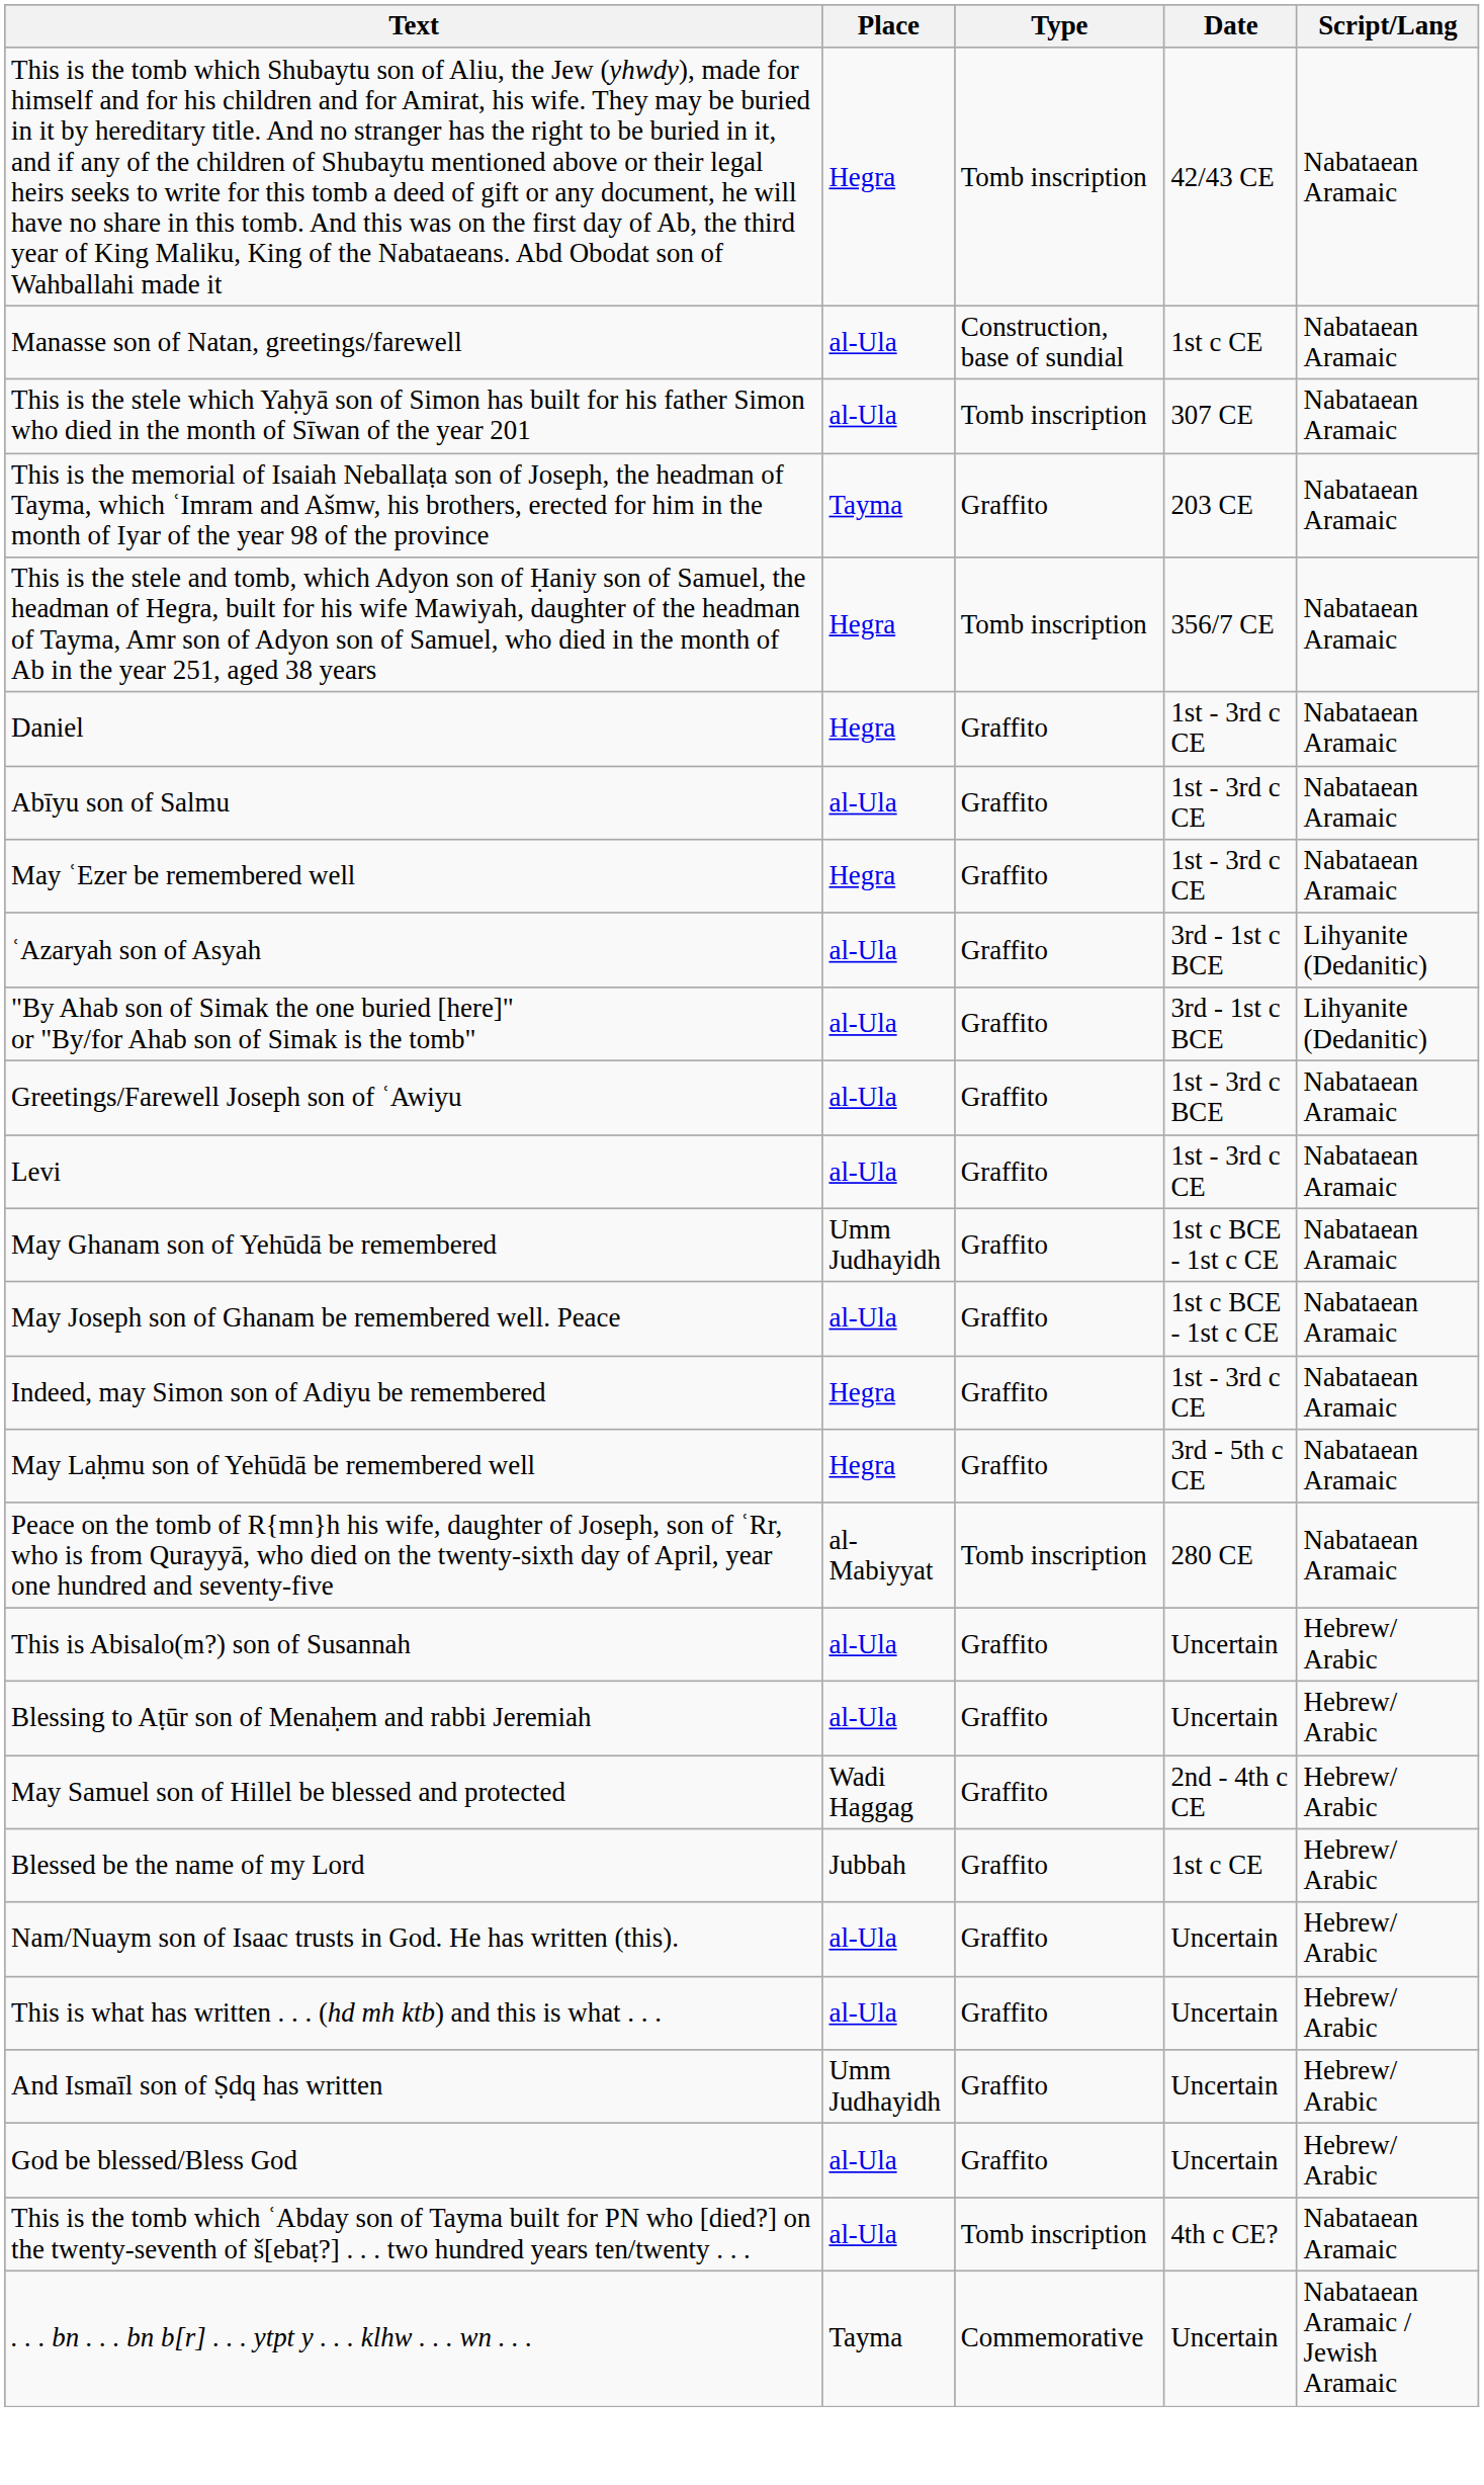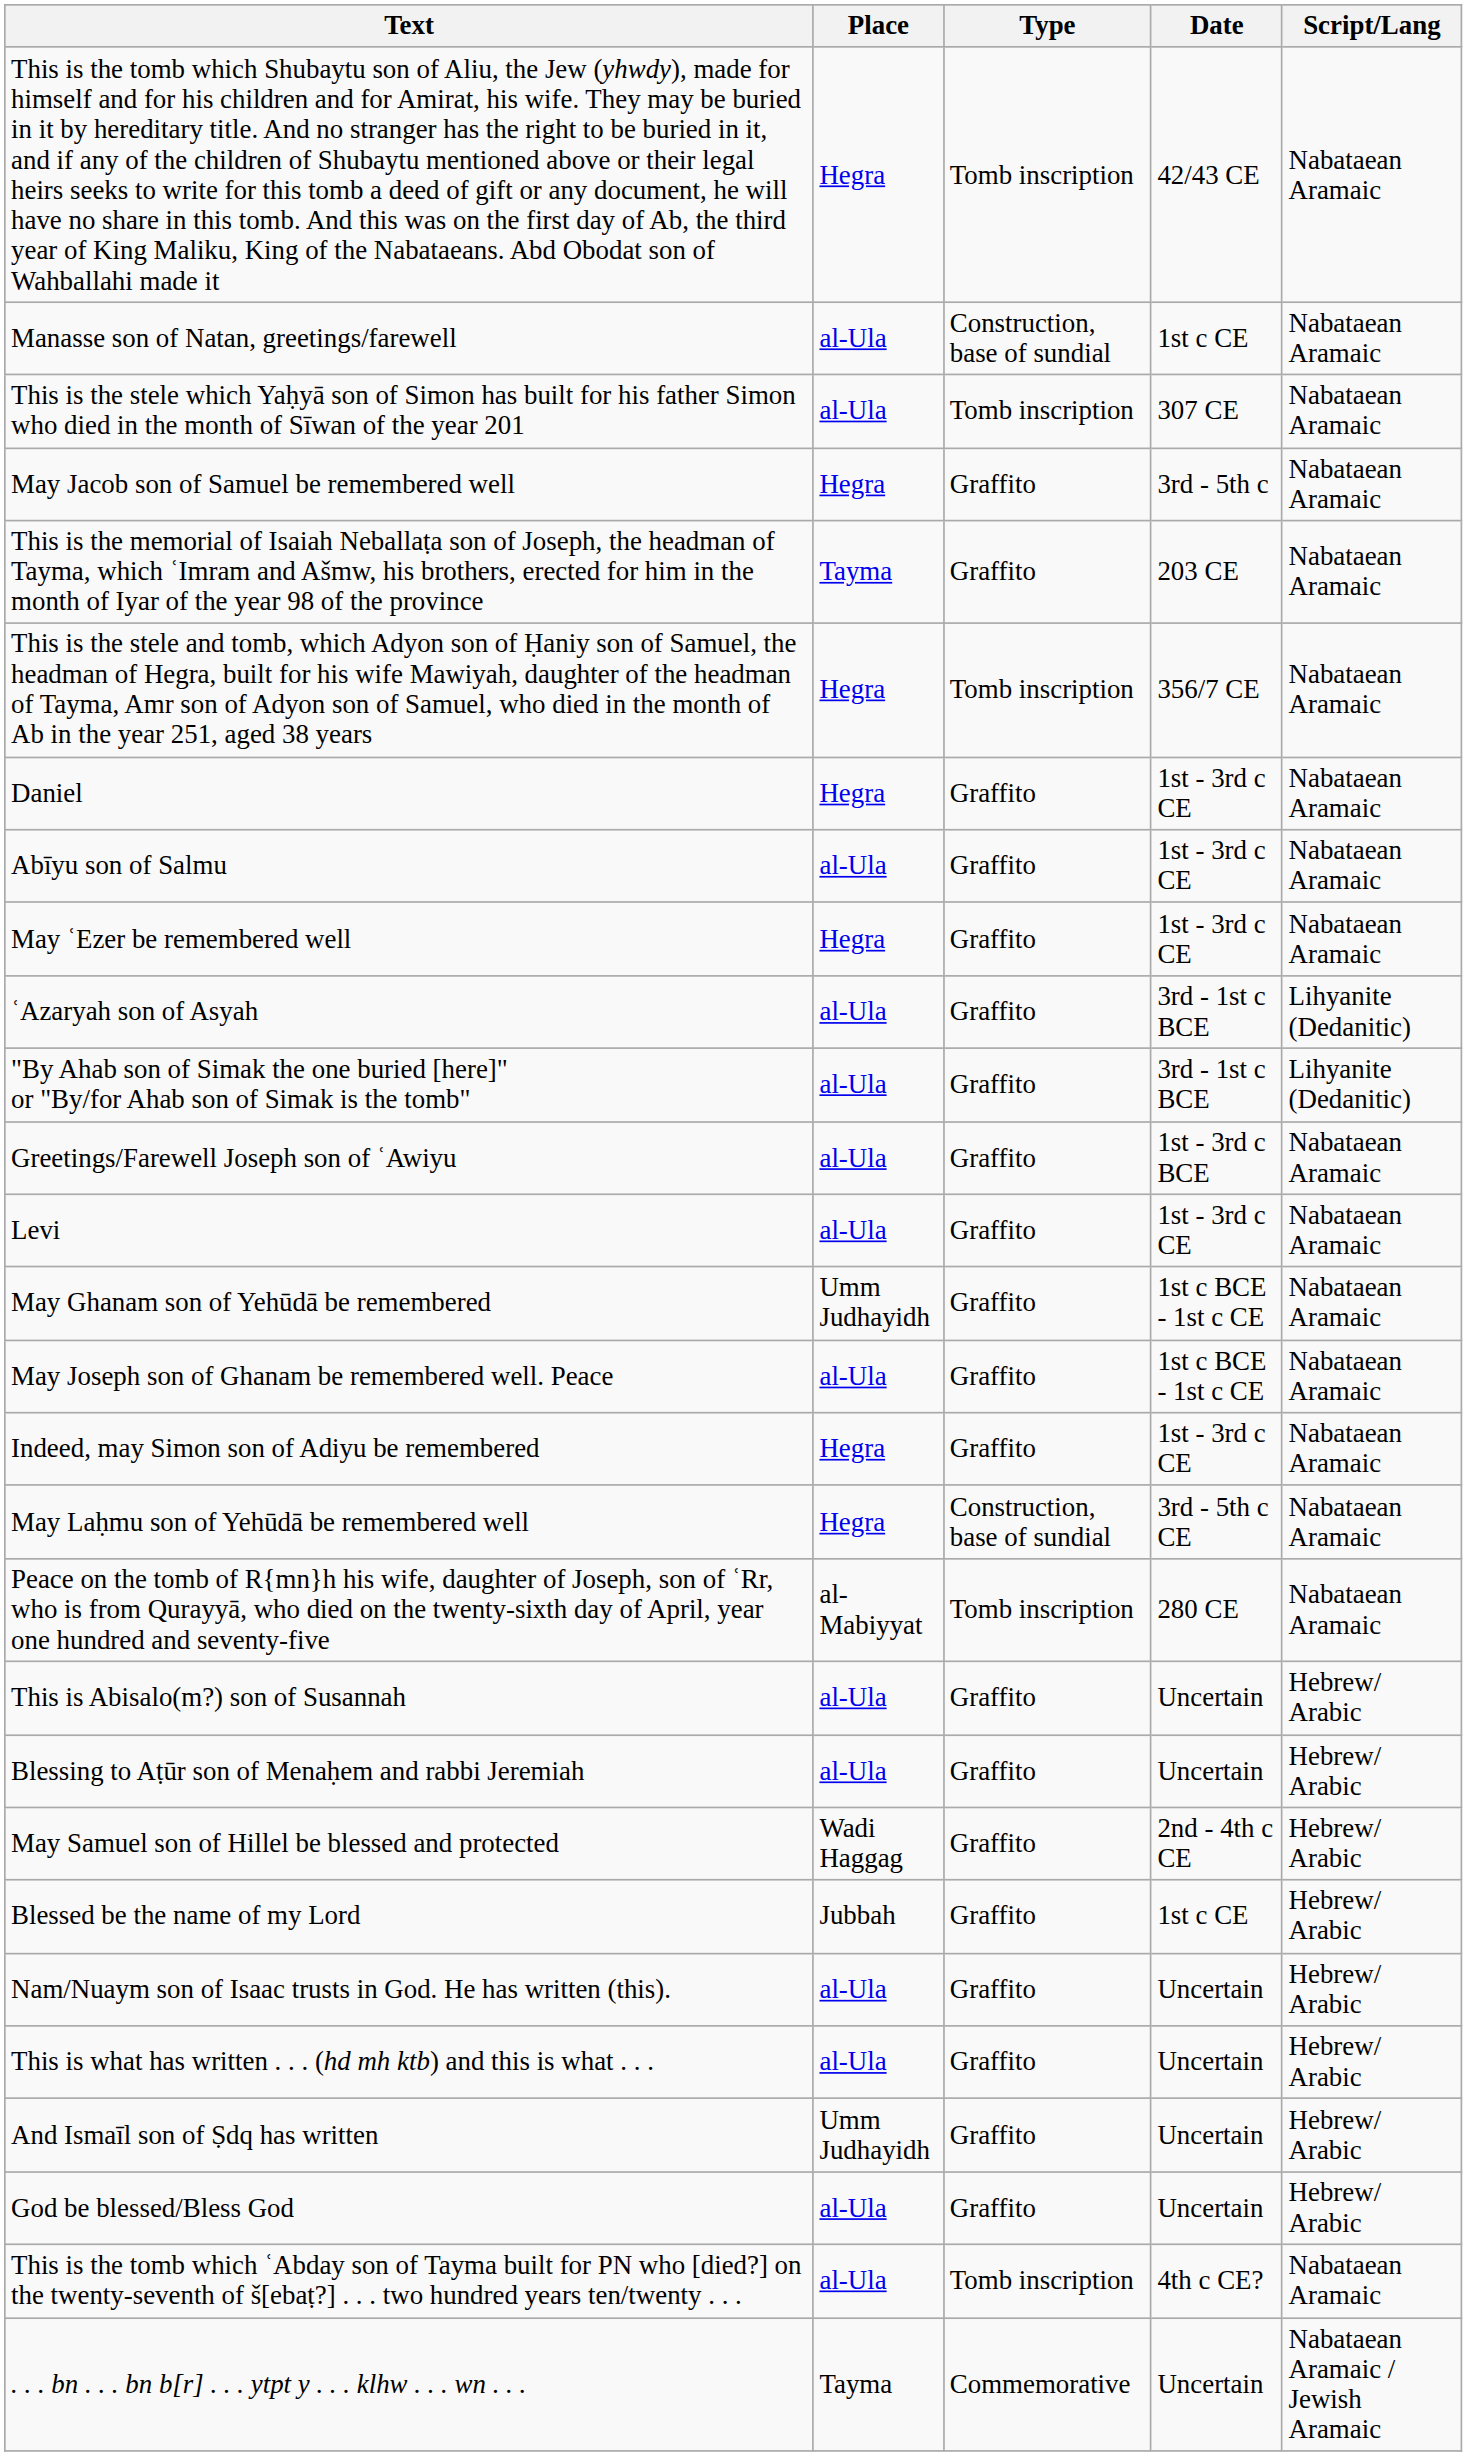 <table class="wikitable">
 <tr>
 <th>Text</th>
 <th>Place</th>
 <th>Type</th>
 <th>Date</th>
 <th>Script/Lang</th>
 </tr>
 <tr>
 <td>This is the tomb which Shubaytu son of Aliu, the Jew (<em>yhwdy</em>), made for himself and for his children and for Amirat, his wife. They may be buried in it by hereditary title. And no stranger has the right to be buried in it, and if any of the children of Shubaytu mentioned above or their legal heirs seeks to write for this tomb a deed of gift or any document, he will have no share in this tomb. And this was on the first day of Ab, the third year of King Maliku, King of the Nabataeans. Abd Obodat son of Wahballahi made it</td>
 <td><a href='#'>Hegra</a></td>
 <td>Tomb inscription</td>
 <td>42/43 CE</td>
 <td>Nabataean Aramaic</td>
 </tr>
 <tr>
 <td>Manasse son of Natan, greetings/farewell</td>
 <td><a href='#'>al-Ula</a></td>
 <td>Construction, base of sundial</td>
 <td>1st c CE</td>
 <td>Nabataean Aramaic</td>
 </tr>
 <tr>
 <td>This is the stele which Yaḥyā son of Simon has built for his father Simon who died in the month of Sīwan of the year 201</td>
 <td><a href='#'>al-Ula</a></td>
 <td>Tomb inscription</td>
 <td>307 CE</td>
+<td>Nabataean Aramaic</td>
+</tr>
+<tr>
+<td>May Jacob son of Samuel be remembered well</td>
+<td><a href='#'>Hegra</a></td>
+<td>Graffito</td>
+<td>3rd - 5th c</td>
 <td>Nabataean Aramaic</td>
 </tr>
 <tr>
 <td>This is the memorial of Isaiah Neballaṭa son of Joseph, the headman of Tayma, which ʿImram and Ašmw, his brothers, erected for him in the month of Iyar of the year 98 of the province</td>
 <td><a href='#'>Tayma</a></td>
 <td>Graffito</td>
 <td>203 CE</td>
 <td>Nabataean Aramaic</td>
 </tr>
 <tr>
 <td>This is the stele and tomb, which Adyon son of Ḥaniy son of Samuel, the headman of Hegra, built for his wife Mawiyah, daughter of the headman of Tayma, Amr son of Adyon son of Samuel, who died in the month of Ab in the year 251, aged 38 years</td>
 <td><a href='#'>Hegra</a></td>
 <td>Tomb inscription</td>
 <td>356/7 CE</td>
 <td>Nabataean Aramaic</td>
 </tr>
 <tr>
 <td>Daniel</td>
 <td><a href='#'>Hegra</a></td>
 <td>Graffito</td>
 <td>1st - 3rd c CE</td>
 <td>Nabataean Aramaic</td>
 </tr>
 <tr>
 <td>Abīyu son of Salmu</td>
 <td><a href='#'>al-Ula</a></td>
 <td>Graffito</td>
 <td>1st - 3rd c CE</td>
 <td>Nabataean Aramaic</td>
 </tr>
 <tr>
 <td>May ʿEzer be remembered well</td>
 <td><a href='#'>Hegra</a></td>
 <td>Graffito</td>
 <td>1st - 3rd c CE</td>
 <td>Nabataean Aramaic</td>
 </tr>
 <tr>
 <td>ʿAzaryah son of Asyah</td>
 <td><a href='#'>al-Ula</a></td>
 <td>Graffito</td>
 <td>3rd - 1st c BCE</td>
 <td>Lihyanite (Dedanitic)</td>
 </tr>
 <tr>
 <td>"By Ahab son of Simak the one buried [here]"<br>or  "By/for Ahab son of Simak is the tomb"</td>
 <td><a href='#'>al-Ula</a></td>
 <td>Graffito</td>
 <td>3rd - 1st c BCE</td>
 <td>Lihyanite (Dedanitic)</td>
 </tr>
 <tr>
 <td>Greetings/Farewell Joseph son of ʿAwiyu</td>
 <td><a href='#'>al-Ula</a></td>
 <td>Graffito</td>
 <td>1st - 3rd c BCE</td>
 <td>Nabataean Aramaic</td>
 </tr>
 <tr>
 <td>Levi</td>
 <td><a href='#'>al-Ula</a></td>
 <td>Graffito</td>
 <td>1st - 3rd c CE</td>
 <td>Nabataean Aramaic</td>
 </tr>
 <tr>
 <td>May Ghanam son of Yehūdā be remembered</td>
 <td>Umm Judhayidh</td>
 <td>Graffito</td>
 <td>1st c BCE - 1st c CE</td>
 <td>Nabataean Aramaic</td>
 </tr>
 <tr>
 <td>May Joseph son of Ghanam be remembered well. Peace</td>
 <td><a href='#'>al-Ula</a></td>
 <td>Graffito</td>
 <td>1st c BCE - 1st c CE</td>
 <td>Nabataean Aramaic</td>
 </tr>
 <tr>
 <td>Indeed, may Simon son of Adiyu be remembered</td>
 <td><a href='#'>Hegra</a></td>
 <td>Graffito</td>
 <td>1st - 3rd c CE</td>
 <td>Nabataean Aramaic</td>
 </tr>
 <tr>
 <td>May Laḥmu son of Yehūdā be remembered well</td>
 <td><a href='#'>Hegra</a></td>
-<td>Graffito</td>
+<td>Construction, base of sundial</td>
 <td>3rd - 5th c CE</td>
 <td>Nabataean Aramaic</td>
 </tr>
 <tr>
 <td>Peace on the tomb of R{mn}h his wife, daughter of Joseph, son of ʿRr, who is from Qurayyā, who died on the twenty-sixth day of April, year one hundred and seventy-five</td>
 <td>al-Mabiyyat</td>
 <td>Tomb inscription</td>
 <td>280 CE</td>
 <td>Nabataean Aramaic</td>
 </tr>
 <tr>
 <td>This is Abisalo(m?) son of Susannah</td>
 <td><a href='#'>al-Ula</a></td>
 <td>Graffito</td>
 <td>Uncertain</td>
 <td>Hebrew/ Arabic</td>
 </tr>
 <tr>
 <td>Blessing to Aṭūr son of Menaḥem and rabbi Jeremiah</td>
 <td><a href='#'>al-Ula</a></td>
 <td>Graffito</td>
 <td>Uncertain</td>
 <td>Hebrew/ Arabic</td>
 </tr>
 <tr>
 <td>May Samuel son of Hillel be blessed and protected</td>
 <td>Wadi Haggag</td>
 <td>Graffito</td>
 <td>2nd - 4th c CE</td>
 <td>Hebrew/ Arabic</td>
 </tr>
 <tr>
 <td>Blessed be the name of my Lord</td>
 <td>Jubbah</td>
 <td>Graffito</td>
 <td>1st c CE</td>
 <td>Hebrew/ Arabic</td>
 </tr>
 <tr>
 <td>Nam/Nuaym son of Isaac trusts in God. He has written (this).</td>
 <td><a href='#'>al-Ula</a></td>
 <td>Graffito</td>
 <td>Uncertain</td>
 <td>Hebrew/ Arabic</td>
 </tr>
 <tr>
 <td>This is what has written . . . (<em>hd mh ktb</em>) and this is what . . .</td>
 <td><a href='#'>al-Ula</a></td>
 <td>Graffito</td>
 <td>Uncertain</td>
 <td>Hebrew/ Arabic</td>
 </tr>
 <tr>
 <td>And Ismaīl son of Ṣdq has written</td>
 <td>Umm Judhayidh</td>
 <td>Graffito</td>
 <td>Uncertain</td>
 <td>Hebrew/ Arabic</td>
 </tr>
 <tr>
 <td>God be blessed/Bless God</td>
 <td><a href='#'>al-Ula</a></td>
 <td>Graffito</td>
 <td>Uncertain</td>
 <td>Hebrew/ Arabic</td>
 </tr>
 <tr>
 <td>This is the tomb which ʿAbday son of Tayma built for PN who [died?] on the twenty-seventh of š[ebaṭ?] . . . two hundred years ten/twenty . . .</td>
 <td><a href='#'>al-Ula</a></td>
 <td>Tomb inscription</td>
 <td>4th c CE?</td>
 <td>Nabataean Aramaic</td>
 </tr>
 <tr>
 <td><em>. . . bn . . . bn b[r] . . . ytpt y . . . klhw . . . wn . . .</em></td>
 <td>Tayma</td>
 <td>Commemorative</td>
 <td>Uncertain</td>
 <td>Nabataean Aramaic / Jewish Aramaic</td>
 </tr>
 </table>
